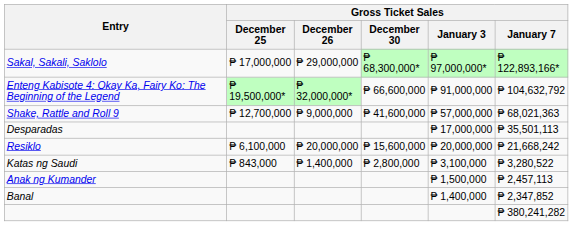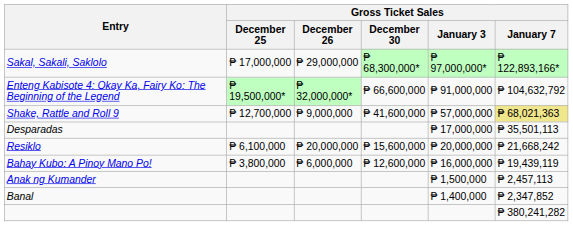 <table class="wikitable sortable" style="text align: center">
 <tr bgcolor="#efefef">
 <th rowspan=2>Entry</th>
 <th colspan=5>Gross Ticket Sales</th>
 </tr>
 <tr>
 <th>December 25</th>
 <th>December 26</th>
 <th>December 30</th>
 <th>January 3</th>
 <th>January 7</th>
 </tr>
 <tr>
 <td><em><a href='#'>Sakal, Sakali, Saklolo</a></em></td>
 <td data-sort-value="2">₱ 17,000,000</td>
 <td data-sort-value="2">₱ 29,000,000</td>
 <td data-sort-value="1" style="background:#BFFFC0;">₱ 68,300,000*</td>
 <td data-sort-value="1" style="background:#BFFFC0;">₱ 97,000,000*</td>
 <td data-sort-value="1" style="background:#BFFFC0;">₱ 122,893,166*</td>
 </tr>
 <tr>
 <td><em><a href='#'>Enteng Kabisote 4: Okay Ka, Fairy Ko: The Beginning of the Legend</a></em></td>
 <td data-sort-value="1" style="background:#BFFFC0;">₱ 19,500,000*</td>
 <td data-sort-value="1" style="background:#BFFFC0;">₱ 32,000,000*</td>
 <td data-sort-value="2">₱ 66,600,000</td>
 <td data-sort-value="2">₱ 91,000,000</td>
 <td data-sort-value="2">₱ 104,632,792</td>
 </tr>
 <tr>
 <td><em><a href='#'>Shake, Rattle and Roll 9</a></em></td>
 <td data-sort-value="3">₱ 12,700,000</td>
 <td data-sort-value="4">₱ 9,000,000</td>
 <td data-sort-value="3">₱ 41,600,000</td>
 <td data-sort-value="3">₱ 57,000,000</td>
-<td data-sort-value="3">₱ 68,021,363</td>
+<td data-sort-value="3" style="background: khaki;">₱ 68,021,363</td>
 </tr>
 <tr>
 <td><em>Desparadas</em></td>
 <td data-sort-value="9"></td>
 <td data-sort-value="9"></td>
 <td data-sort-value="9"></td>
 <td data-sort-value="5">₱ 17,000,000</td>
 <td data-sort-value="4">₱ 35,501,113</td>
 </tr>
 <tr>
 <td><em><a href='#'>Resiklo</a></em></td>
 <td data-sort-value="4">₱ 6,100,000</td>
 <td data-sort-value="3">₱ 20,000,000</td>
 <td data-sort-value="4">₱ 15,600,000</td>
 <td data-sort-value="4">₱ 20,000,000</td>
 <td data-sort-value="5">₱ 21,668,242</td>
 </tr>
 <tr>
-<td><em>Katas ng Saudi</em></td>
-<td data-sort-value="6">₱ 843,000</td>
-<td data-sort-value="6">₱ 1,400,000</td>
-<td data-sort-value="6">₱ 2,800,000</td>
-<td data-sort-value="7">₱ 3,100,000</td>
-<td data-sort-value="7">₱ 3,280,522</td>
+<td><em><a href='#'>Bahay Kubo: A Pinoy Mano Po!</a></em></td>
+<td data-sort-value="5">₱ 3,800,000</td>
+<td data-sort-value="5">₱ 6,000,000</td>
+<td data-sort-value="5">₱ 12,600,000</td>
+<td data-sort-value="6">₱ 16,000,000</td>
+<td data-sort-value="6">₱ 19,439,119</td>
 </tr>
 <tr>
 <td><em><a href='#'>Anak ng Kumander</a></em></td>
 <td data-sort-value="7"></td>
 <td data-sort-value="7"></td>
 <td data-sort-value="7"></td>
 <td data-sort-value="8">₱ 1,500,000</td>
 <td data-sort-value="8">₱ 2,457,113</td>
 </tr>
 <tr>
 <td><em>Banal</em></td>
 <td data-sort-value="8"></td>
 <td data-sort-value="8"></td>
 <td data-sort-value="8"></td>
 <td data-sort-value="9">₱ 1,400,000</td>
 <td data-sort-value="9">₱ 2,347,852</td>
 </tr>
 <tr>
 <td></td>
 <td></td>
 <td></td>
 <td></td>
 <td><strong></strong></td>
 <td>₱ 380,241,282</td>
 </tr>
 </table>
